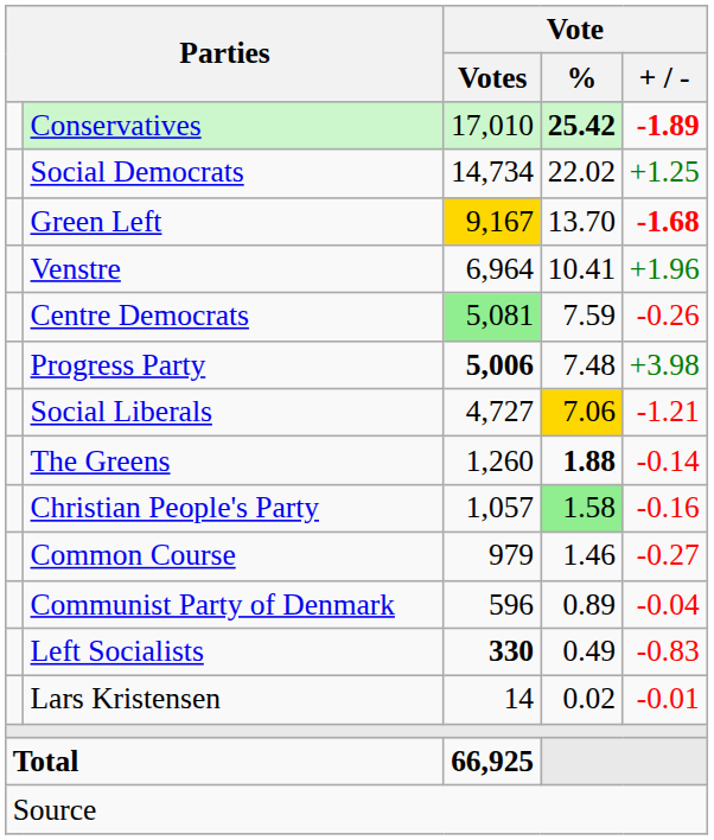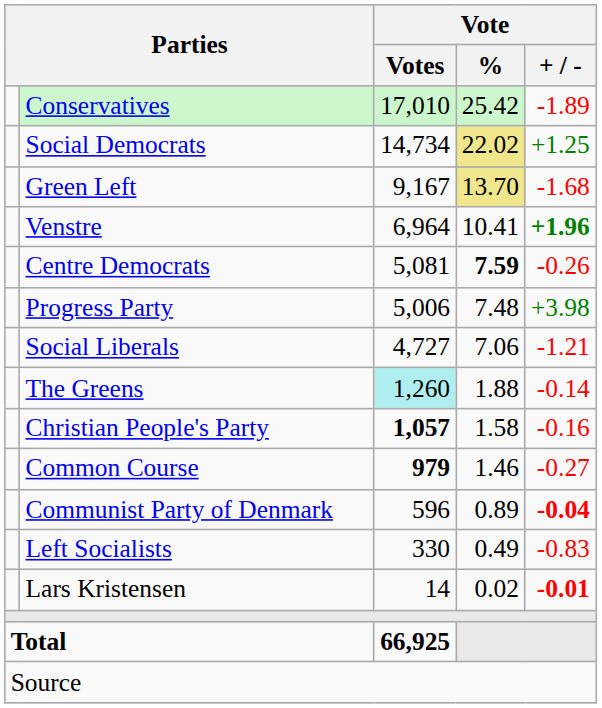 <table class="wikitable" style="text-align:right;">
 <tr>
 <th style="text-align:centre;" rowspan="2" colspan="2" width="225">Parties</th>
 <th colspan="3">Vote</th>
 </tr>
 <tr>
 <th width="15">Votes</th>
 <th width="15">%</th>
 <th width="15">+ / -</th>
 </tr>
 <tr>
 <td width="2" style="color:inherit;background:"></td>
 <td bgcolor=#ccf7cc  align="left"><a href='#'>Conservatives</a></td>
 <td bgcolor=#ccf7cc>17,010</td>
-<td bgcolor=#ccf7cc><strong>25.42</strong></td>
-<td style=color:red;><strong>-1.89</strong></td>
+<td bgcolor=#ccf7cc>25.42</td>
+<td style=color:red;>-1.89</td>
 </tr>
 <tr>
 <td width="2" style="color:inherit;background:"></td>
 <td align="left"><a href='#'>Social Democrats</a></td>
 <td>14,734</td>
-<td>22.02</td>
+<td style="background: khaki;">22.02</td>
 <td style=color:green;>+1.25</td>
 </tr>
 <tr>
 <td width="2" style="color:inherit;background:"></td>
 <td align="left"><a href='#'>Green Left</a></td>
-<td style="background: gold;">9,167</td>
-<td>13.70</td>
-<td style=color:red;><strong>-1.68</strong></td>
+<td>9,167</td>
+<td style="background: khaki;">13.70</td>
+<td style=color:red;>-1.68</td>
 </tr>
 <tr>
 <td width="2" style="color:inherit;background:"></td>
 <td align="left"><a href='#'>Venstre</a></td>
 <td>6,964</td>
 <td>10.41</td>
-<td style=color:green;>+1.96</td>
+<td style=color:green;><strong>+1.96</strong></td>
 </tr>
 <tr>
 <td width="2" style="color:inherit;background:"></td>
 <td align="left"><a href='#'>Centre Democrats</a></td>
-<td style="background: lightgreen;">5,081</td>
-<td>7.59</td>
+<td>5,081</td>
+<td><strong>7.59</strong></td>
 <td style=color:red;>-0.26</td>
 </tr>
 <tr>
 <td width="2" style="color:inherit;background:"></td>
 <td align="left"><a href='#'>Progress Party</a></td>
-<td><strong>5,006</strong></td>
+<td>5,006</td>
 <td>7.48</td>
 <td style=color:green;>+3.98</td>
 </tr>
 <tr>
 <td width="2" style="color:inherit;background:"></td>
 <td align="left"><a href='#'>Social Liberals</a></td>
 <td>4,727</td>
-<td style="background: gold;">7.06</td>
+<td>7.06</td>
 <td style=color:red;>-1.21</td>
 </tr>
 <tr>
 <td width="2" style="color:inherit;background:"></td>
 <td align="left"><a href='#'>The Greens</a></td>
-<td>1,260</td>
-<td><strong>1.88</strong></td>
+<td style="background: paleturquoise;">1,260</td>
+<td>1.88</td>
 <td style=color:red;>-0.14</td>
 </tr>
 <tr>
 <td width="2" style="color:inherit;background:"></td>
 <td align="left"><a href='#'>Christian People's Party</a></td>
-<td>1,057</td>
-<td style="background: lightgreen;">1.58</td>
+<td><strong>1,057</strong></td>
+<td>1.58</td>
 <td style=color:red;>-0.16</td>
 </tr>
 <tr>
 <td width="2" style="color:inherit;background:"></td>
 <td align="left"><a href='#'>Common Course</a></td>
-<td>979</td>
+<td><strong>979</strong></td>
 <td>1.46</td>
 <td style=color:red;>-0.27</td>
 </tr>
 <tr>
 <td width="2" style="color:inherit;background:"></td>
 <td align="left"><a href='#'>Communist Party of Denmark</a></td>
 <td>596</td>
 <td>0.89</td>
-<td style=color:red;>-0.04</td>
+<td style=color:red;><strong>-0.04</strong></td>
 </tr>
 <tr>
 <td width="2" style="color:inherit;background:"></td>
 <td align="left"><a href='#'>Left Socialists</a></td>
-<td><strong>330</strong></td>
+<td>330</td>
 <td>0.49</td>
 <td style=color:red;>-0.83</td>
 </tr>
 <tr>
 <td width="2" style="color:inherit;background:"></td>
 <td align="left">Lars Kristensen</td>
 <td>14</td>
 <td>0.02</td>
-<td style=color:red;>-0.01</td>
+<td style=color:red;><strong>-0.01</strong></td>
 </tr>
 <tr>
 <td colspan="7" bgcolor="#E9E9E9"></td>
 </tr>
 <tr>
 <td align="left" colspan="2"><strong>Total</strong></td>
 <td><strong>66,925</strong></td>
 <td bgcolor="#E9E9E9" colspan="2"></td>
 </tr>
 <tr>
 <td align="left" colspan="6">Source</td>
 </tr>
 </table>
